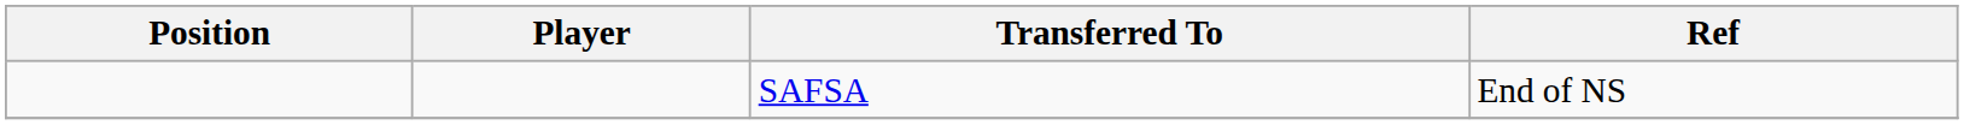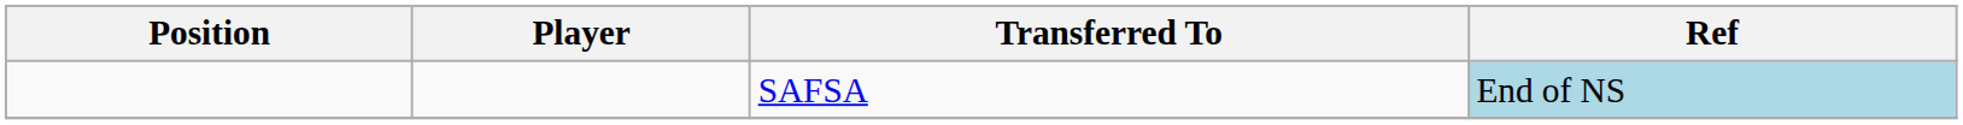 <table class="wikitable sortable" style="width:70%; text-align:center; font-size:100%; text-align:left;">
 <tr>
 <th><strong>Position</strong></th>
 <th><strong>Player</strong></th>
 <th><strong>Transferred To</strong></th>
 <th><strong>Ref</strong></th>
 </tr>
 <tr>
 <td></td>
 <td></td>
 <td> <a href='#'>SAFSA</a></td>
-<td>End of NS </td>
+<td style="background: lightblue;">End of NS </td>
 </tr>
 <tr>
 </tr>
 </table>
